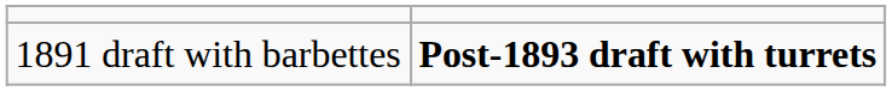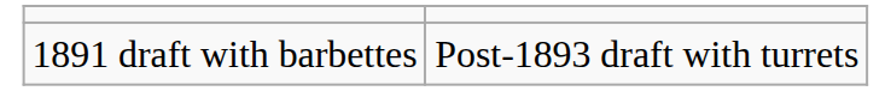 <table class="wikitable" style="margin:1em auto;">
 <tr>
 <td></td>
 <td></td>
 </tr>
 <tr style="text-align:center;">
 <td>1891 draft with barbettes</td>
-<td><strong>Post-1893 draft with turrets</strong></td>
+<td>Post-1893 draft with turrets</td>
 </tr>
 </table>
